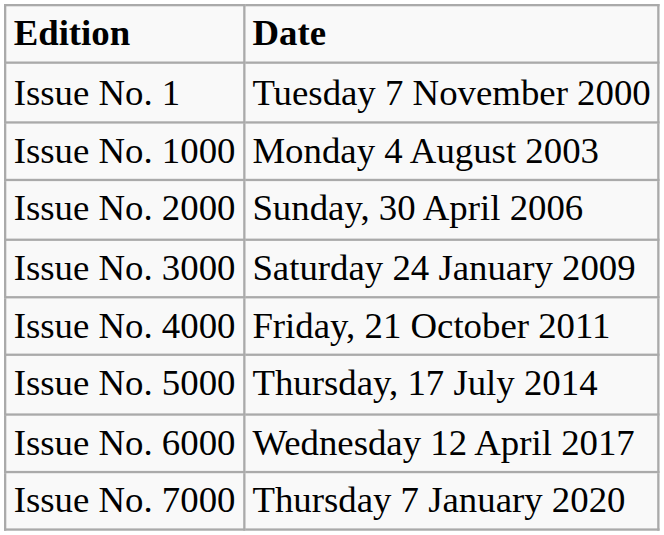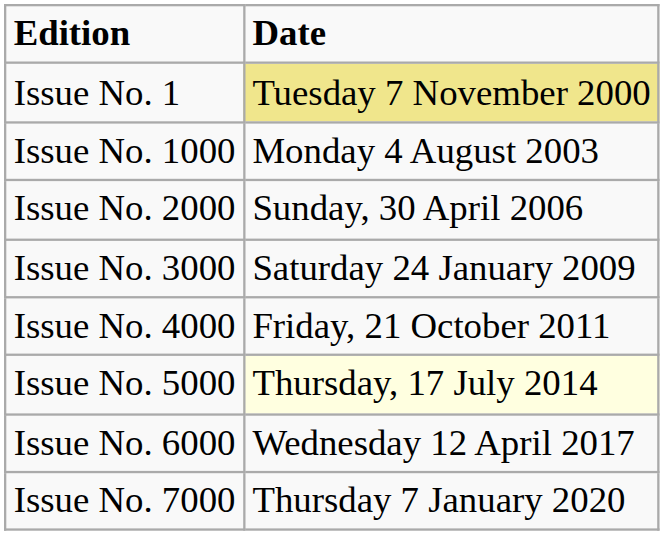 <table class="wikitable" style="text-align:left">
 <tr>
 <td><strong>Edition</strong></td>
 <td><strong>Date</strong></td>
 </tr>
 <tr>
 <td>Issue No. 1</td>
-<td>Tuesday 7 November 2000</td>
+<td style="background: khaki;">Tuesday 7 November 2000</td>
 </tr>
 <tr>
 <td>Issue No. 1000</td>
 <td>Monday 4 August 2003</td>
 </tr>
 <tr>
 <td>Issue No. 2000</td>
 <td>Sunday, 30 April 2006</td>
 </tr>
 <tr>
 <td>Issue No. 3000</td>
 <td>Saturday 24 January 2009</td>
 </tr>
 <tr>
 <td>Issue No. 4000</td>
 <td>Friday, 21 October 2011</td>
 </tr>
 <tr>
 <td>Issue No. 5000</td>
-<td>Thursday, 17 July 2014</td>
+<td style="background: lightyellow;">Thursday, 17 July 2014</td>
 </tr>
 <tr>
 <td>Issue No. 6000</td>
 <td>Wednesday 12 April 2017</td>
 </tr>
 <tr>
 <td>Issue No. 7000</td>
 <td>Thursday 7 January 2020</td>
 </tr>
 </table>
